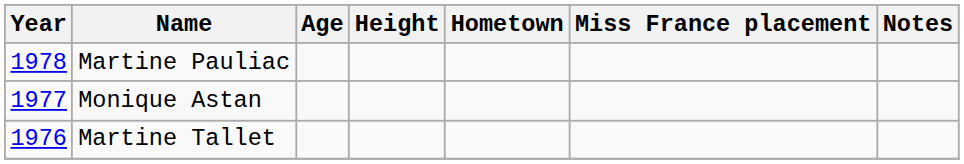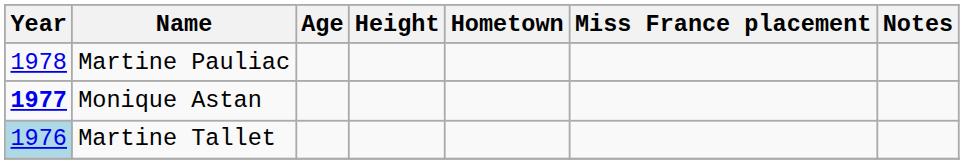 <table class="wikitable sortable">
 <tr>
 <th>Year</th>
 <th>Name</th>
 <th>Age</th>
 <th>Height</th>
 <th>Hometown</th>
 <th>Miss France placement</th>
 <th>Notes</th>
 </tr>
 <tr>
 <td><a href='#'>1978</a></td>
 <td>Martine Pauliac</td>
 <td></td>
 <td></td>
 <td></td>
 <td></td>
 <td></td>
 </tr>
 <tr>
-<td><a href='#'>1977</a></td>
+<td><strong><a href='#'>1977</a></strong></td>
 <td>Monique Astan</td>
 <td></td>
 <td></td>
 <td></td>
 <td></td>
 <td></td>
 </tr>
 <tr>
-<td><a href='#'>1976</a></td>
+<td style="background: lightblue;"><a href='#'>1976</a></td>
 <td>Martine Tallet</td>
 <td></td>
 <td></td>
 <td></td>
 <td></td>
 <td></td>
 </tr>
 <tr>
 </tr>
 </table>
